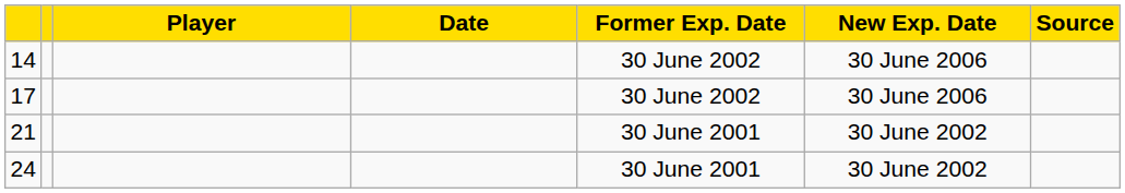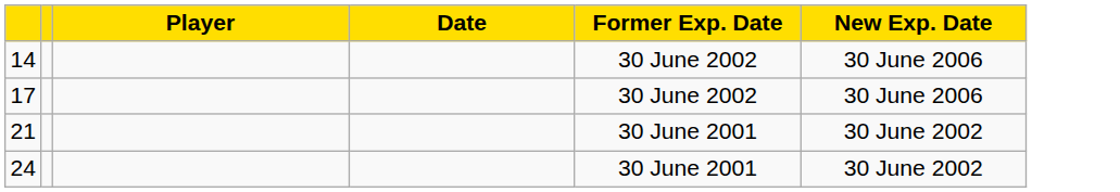 <table class="wikitable sortable">
 <tr>
 <th style="background:#FFDE00"></th>
 <th style="background:#FFDE00"></th>
 <th width=200 style="background:#FFDE00">Player</th>
 <th width=150 style="background:#FFDE00">Date</th>
 <th width=150 style="background:#FFDE00">Former Exp. Date</th>
 <th width=150 style="background:#FFDE00">New Exp. Date</th>
-<th style="background:#FFDE00">Source</th>
 </tr>
 <tr>
 <td align=center>14</td>
 <td align=center></td>
 <td></td>
 <td align=center></td>
 <td align=center>30 June 2002</td>
 <td align=center>30 June 2006</td>
-<td align=center></td>
 </tr>
 <tr>
 <td align=center>17</td>
 <td align=center></td>
 <td></td>
 <td align=center></td>
 <td align=center>30 June 2002</td>
 <td align=center>30 June 2006</td>
-<td align=center></td>
 </tr>
 <tr>
 <td align=center>21</td>
 <td align=center></td>
 <td></td>
 <td align=center></td>
 <td align=center>30 June 2001</td>
 <td align=center>30 June 2002</td>
-<td align=center></td>
 </tr>
 <tr>
 <td align=center>24</td>
 <td align=center></td>
 <td></td>
 <td align=center></td>
 <td align=center>30 June 2001</td>
 <td align=center>30 June 2002</td>
-<td align=center></td>
 </tr>
 </table>
